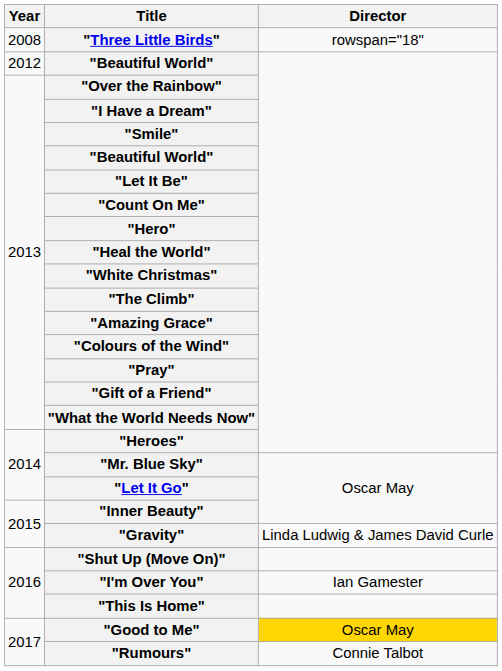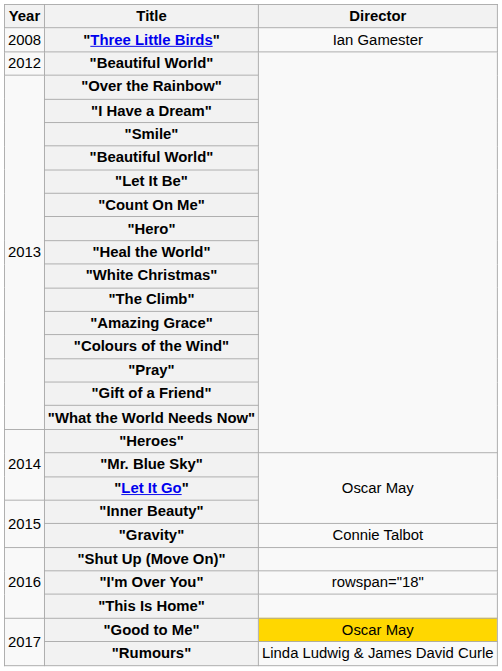 <table class="wikitable plainrowheaders" style="text-align:center;">
 <tr>
 <th scope="col" style="width:1em;">Year</th>
 <th scope="col">Title</th>
 <th scope="col">Director</th>
 </tr>
 <tr>
 <td rowspan="1">2008</td>
 <th scope="row">"<a href='#'>Three Little Birds</a>"</th>
-<td>rowspan="18" </td>
+<td>Ian Gamester</td>
 </tr>
 <tr>
 <td rowspan=1>2012</td>
 <th scope="row">"Beautiful World"</th>
 </tr>
 <tr>
 <td rowspan="15">2013</td>
 <th scope="row">"Over the Rainbow"</th>
 </tr>
 <tr>
 <th scope="row">"I Have a Dream"</th>
 </tr>
 <tr>
 <th scope="row">"Smile"</th>
 </tr>
 <tr>
 <th scope="row">"Beautiful World"</th>
 </tr>
 <tr>
 <th scope="row">"Let It Be"</th>
 </tr>
 <tr>
 <th scope="row">"Count On Me"</th>
 </tr>
 <tr>
 <th scope="row">"Hero"</th>
 </tr>
 <tr>
 <th scope="row">"Heal the World"</th>
 </tr>
 <tr>
 <th scope="row">"White Christmas"</th>
 </tr>
 <tr>
 <th scope="row">"The Climb"</th>
 </tr>
 <tr>
 <th scope="row">"Amazing Grace"</th>
 </tr>
 <tr>
 <th scope="row">"Colours of the Wind"</th>
 </tr>
 <tr>
 <th scope="row">"Pray"</th>
 </tr>
 <tr>
 <th scope="row">"Gift of a Friend"</th>
 </tr>
 <tr>
 <th scope="row">"What the World Needs Now"</th>
 </tr>
 <tr>
 <td rowspan=3>2014</td>
 <th scope="row">"Heroes"</th>
 </tr>
 <tr>
 <th scope="row">"Mr. Blue Sky"</th>
 <td rowspan="3">Oscar May</td>
 </tr>
 <tr>
 <th scope="row">"<a href='#'>Let It Go</a>"</th>
 </tr>
 <tr>
 <td rowspan=2>2015</td>
 <th scope="row">"Inner Beauty"</th>
 </tr>
 <tr>
 <th scope="row">"Gravity"</th>
-<td>Linda Ludwig & James David Curle</td>
+<td>Connie Talbot</td>
 </tr>
 <tr>
 <td rowspan=3>2016</td>
 <th scope="row">"Shut Up (Move On)"</th>
 <td></td>
 </tr>
 <tr>
 <th scope="row">"I'm Over You"</th>
-<td>Ian Gamester</td>
+<td>rowspan="18" </td>
 </tr>
 <tr>
 <th scope="row">"This Is Home"</th>
 <td></td>
 </tr>
 <tr>
 <td rowspan=2>2017</td>
 <th scope="row">"Good to Me"</th>
 <td style="background: gold;">Oscar May</td>
 </tr>
 <tr>
 <th scope="row">"Rumours"</th>
-<td>Connie Talbot</td>
+<td>Linda Ludwig & James David Curle</td>
 </tr>
 </table>
